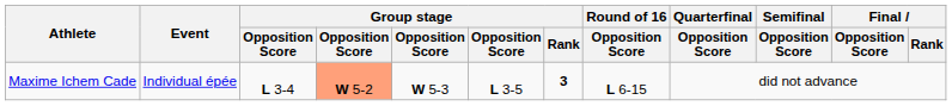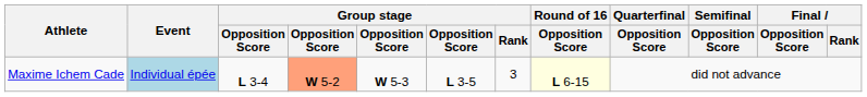 <table class=wikitable style="font-size:90%">
 <tr>
 <th rowspan=2>Athlete</th>
 <th rowspan=2>Event</th>
 <th colspan=5>Group stage</th>
 <th>Round of 16</th>
 <th>Quarterfinal</th>
 <th>Semifinal</th>
 <th colspan=2>Final / </th>
 </tr>
 <tr style="font-size:95%">
 <th>Opposition<br>Score</th>
 <th>Opposition<br>Score</th>
 <th>Opposition<br>Score</th>
 <th>Opposition<br>Score</th>
 <th>Rank</th>
 <th>Opposition<br>Score</th>
 <th>Opposition<br>Score</th>
 <th>Opposition<br>Score</th>
 <th>Opposition<br>Score</th>
 <th>Rank</th>
 </tr>
 <tr align=center>
 <td align=left><a href='#'>Maxime Ichem Cade</a></td>
-<td align=left><a href='#'>Individual épée</a></td>
+<td align=left style="background: lightblue;"><a href='#'>Individual épée</a></td>
 <td><br><strong>L</strong> 3-4</td>
 <td style="background: lightsalmon;"><br><strong>W</strong> 5-2</td>
 <td><br><strong>W</strong> 5-3</td>
 <td><br><strong>L</strong> 3-5</td>
-<td><strong>3</strong></td>
-<td><br><strong>L</strong> 6-15</td>
+<td>3</td>
+<td style="background: lightyellow;"><br><strong>L</strong> 6-15</td>
 <td colspan=4>did not advance</td>
 </tr>
 </table>
